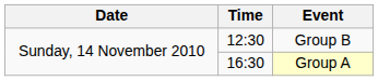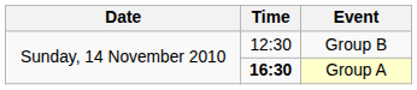 <table class = "wikitable" style="text-align:center;">
 <tr>
 <th width=220>Date</th>
 <th width=50>Time</th>
 <th width=100>Event</th>
 </tr>
 <tr>
 <td rowspan=2>Sunday, 14 November 2010</td>
 <td>12:30</td>
 <td>Group B</td>
 </tr>
 <tr>
-<td>16:30</td>
+<td><strong>16:30</strong></td>
 <td bgcolor=ffffcc>Group A</td>
 </tr>
 </table>
